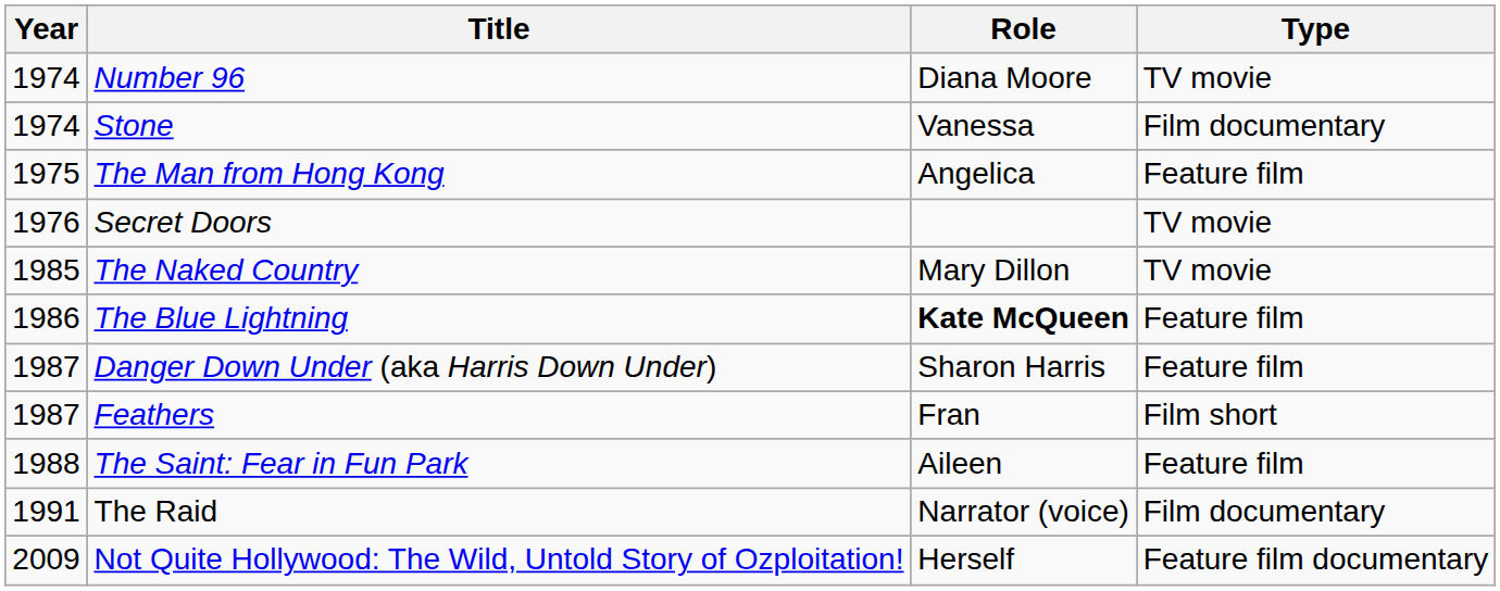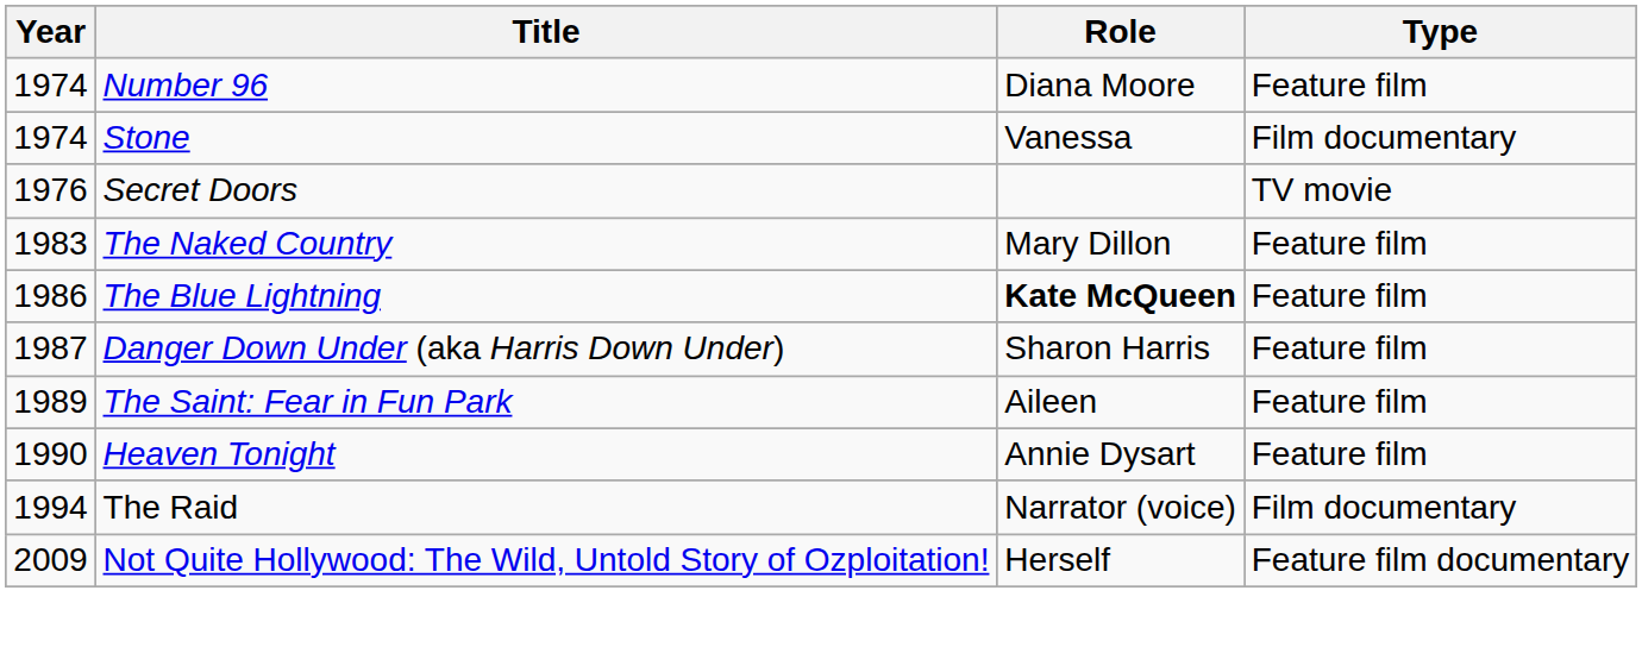 <table class="wikitable">
 <tr>
 <th>Year</th>
 <th>Title</th>
 <th>Role</th>
 <th>Type</th>
 </tr>
 <tr>
 <td>1974</td>
 <td><em><a href='#'>Number 96</a></em></td>
 <td>Diana Moore</td>
-<td>TV movie</td>
+<td>Feature film</td>
 </tr>
 <tr>
 <td>1974</td>
 <td><em><a href='#'>Stone</a></em></td>
 <td>Vanessa</td>
 <td>Film documentary</td>
 </tr>
 <tr>
-<td>1975</td>
-<td><em><a href='#'>The Man from Hong Kong</a></em></td>
-<td>Angelica</td>
-<td>Feature film</td>
-</tr>
-<tr>
 <td>1976</td>
 <td><em>Secret Doors</em></td>
 <td></td>
 <td>TV movie</td>
 </tr>
 <tr>
-<td>1985</td>
+<td>1983</td>
 <td><em><a href='#'>The Naked Country</a></em></td>
 <td>Mary Dillon</td>
-<td>TV movie</td>
+<td>Feature film</td>
 </tr>
 <tr>
 <td>1986</td>
 <td><em><a href='#'>The Blue Lightning</a></em></td>
 <td><strong>Kate McQueen</strong></td>
 <td>Feature film</td>
 </tr>
 <tr>
 <td>1987</td>
 <td><em><a href='#'>Danger Down Under</a></em> (aka <em>Harris Down Under</em>)</td>
 <td>Sharon Harris</td>
 <td>Feature film</td>
 </tr>
 <tr>
-<td>1987</td>
-<td><em><a href='#'>Feathers</a></em></td>
-<td>Fran</td>
-<td>Film short</td>
-</tr>
-<tr>
-<td>1988</td>
+<td>1989</td>
 <td><em><a href='#'>The Saint: Fear in Fun Park</a></em></td>
 <td>Aileen</td>
 <td>Feature film</td>
 </tr>
 <tr>
-<td>1991</td>
+<td>1990</td>
+<td><em><a href='#'>Heaven Tonight</a></em></td>
+<td>Annie Dysart</td>
+<td>Feature film</td>
+</tr>
+<tr>
+<td>1994</td>
 <td>The Raid<em></td>
 <td>Narrator (voice)</td>
 <td>Film documentary</td>
 </tr>
 <tr>
 <td>2009</td>
 <td></em><a href='#'>Not Quite Hollywood: The Wild, Untold Story of Ozploitation!</a><em></td>
 <td>Herself</td>
 <td>Feature film documentary</td>
 </tr>
 </table>
